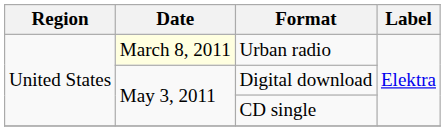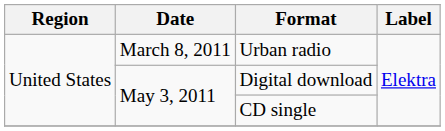 <table class=wikitable>
 <tr>
 <th>Region</th>
 <th>Date</th>
 <th>Format</th>
 <th>Label</th>
 </tr>
 <tr>
 <td scope="row" rowspan="3">United States</td>
-<td style="background: lightyellow;">March 8, 2011</td>
+<td>March 8, 2011</td>
 <td>Urban radio</td>
 <td rowspan="3"><a href='#'>Elektra</a></td>
 </tr>
 <tr>
 <td rowspan="2">May 3, 2011</td>
 <td>Digital download</td>
 </tr>
 <tr>
 <td>CD single</td>
 </tr>
 <tr>
 </tr>
 </table>
